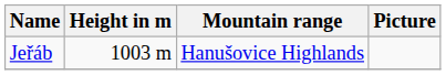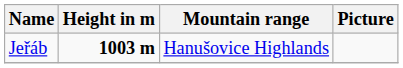 <table class="wikitable sortable">
 <tr>
 <th>Name</th>
 <th>Height in m</th>
 <th>Mountain range</th>
 <th>Picture</th>
 </tr>
 <tr>
 <td><a href='#'>Jeřáb</a></td>
-<td style="text-align:right">1003 m</td>
+<td style="text-align:right"><strong>1003 m</strong></td>
 <td><a href='#'>Hanušovice Highlands</a></td>
 <td></td>
 </tr>
 <tr>
 </tr>
 </table>
